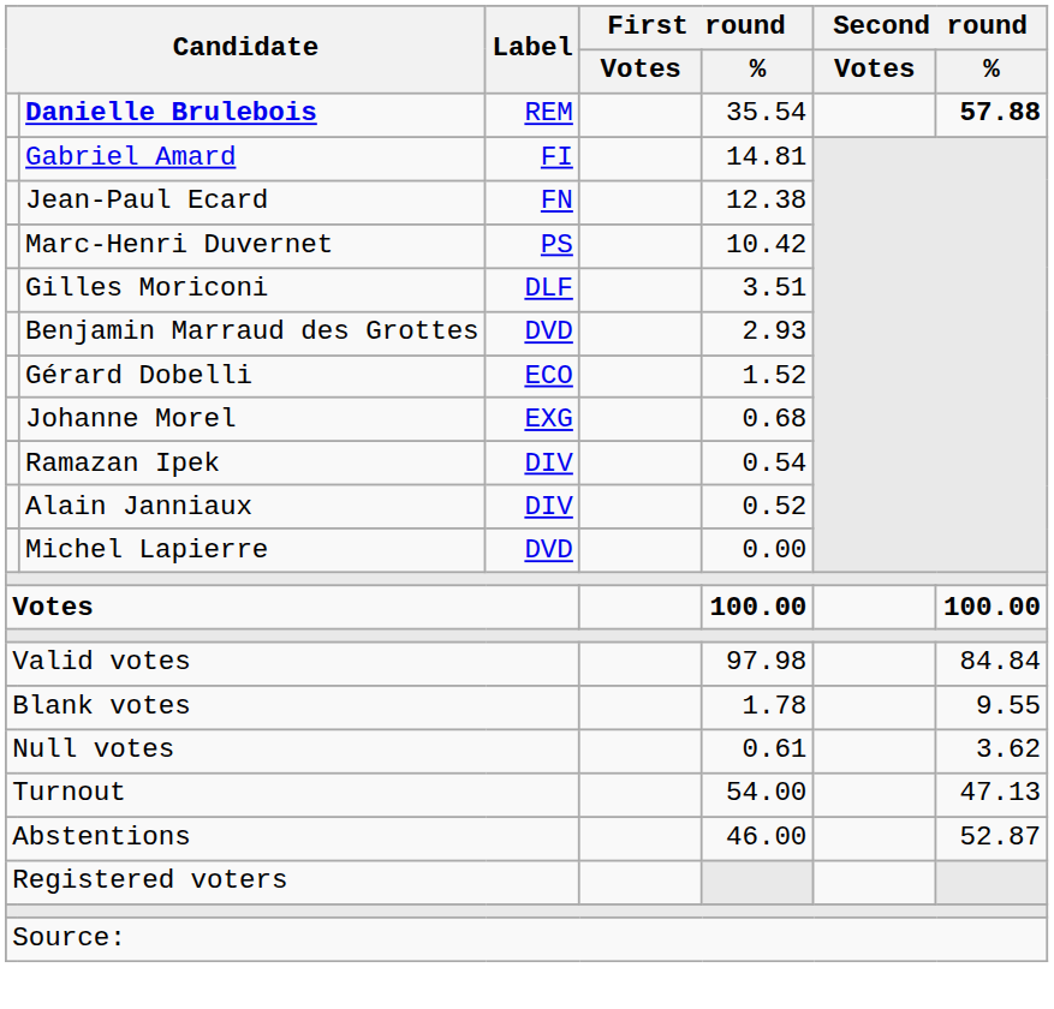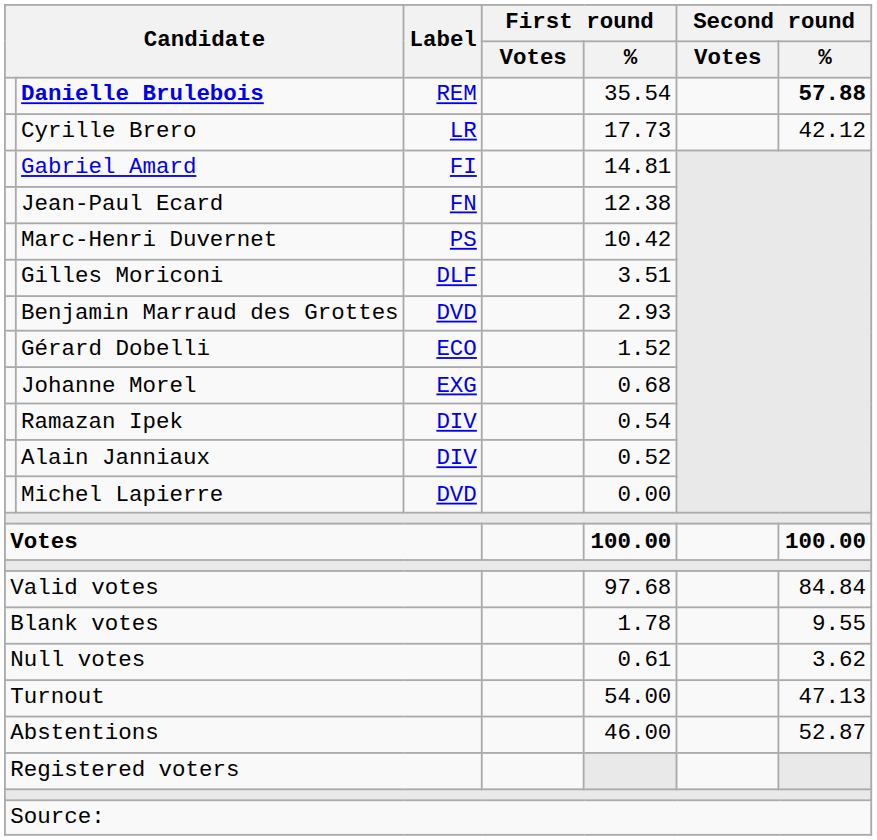 <table class="wikitable" style="text-align:right;font-size:95%;">
 <tr>
 <th rowspan="2" colspan="2">Candidate</th>
 <th rowspan="2">Label</th>
 <th colspan="2">First round</th>
 <th colspan="2">Second round</th>
 </tr>
 <tr>
 <th style="width:50px;">Votes</th>
 <th style="width:45px;">%</th>
 <th style="width:50px;">Votes</th>
 <th style="width:45px;">%</th>
 </tr>
 <tr>
 <td style="color:inherit;background:"></td>
 <td style="text-align:left;"><strong><a href='#'>Danielle Brulebois</a></strong></td>
 <td><a href='#'>REM</a></td>
 <td></td>
 <td>35.54</td>
 <td><strong></strong></td>
 <td><strong>57.88</strong></td>
+</tr>
+<tr>
+<td style="color:inherit;background:"></td>
+<td style="text-align:left;">Cyrille Brero</td>
+<td><a href='#'>LR</a></td>
+<td></td>
+<td>17.73</td>
+<td></td>
+<td>42.12</td>
 </tr>
 <tr>
 <td style="color:inherit;background:"></td>
 <td style="text-align:left;"><a href='#'>Gabriel Amard</a></td>
 <td><a href='#'>FI</a></td>
 <td></td>
 <td>14.81</td>
 <td colspan="2" rowspan="10" style="background:#E9E9E9;"></td>
 </tr>
 <tr>
 <td style="color:inherit;background:"></td>
 <td style="text-align:left;">Jean-Paul Ecard</td>
 <td><a href='#'>FN</a></td>
 <td></td>
 <td>12.38</td>
 </tr>
 <tr>
 <td style="color:inherit;background:"></td>
 <td style="text-align:left;">Marc-Henri Duvernet</td>
 <td><a href='#'>PS</a></td>
 <td></td>
 <td>10.42</td>
 </tr>
 <tr>
 <td style="color:inherit;background:"></td>
 <td style="text-align:left;">Gilles Moriconi</td>
 <td><a href='#'>DLF</a></td>
 <td></td>
 <td>3.51</td>
 </tr>
 <tr>
 <td style="color:inherit;background:"></td>
 <td style="text-align:left;">Benjamin Marraud des Grottes</td>
 <td><a href='#'>DVD</a></td>
 <td></td>
 <td>2.93</td>
 </tr>
 <tr>
 <td style="color:inherit;background:"></td>
 <td style="text-align:left;">Gérard Dobelli</td>
 <td><a href='#'>ECO</a></td>
 <td></td>
 <td>1.52</td>
 </tr>
 <tr>
 <td style="color:inherit;background:"></td>
 <td style="text-align:left;">Johanne Morel</td>
 <td><a href='#'>EXG</a></td>
 <td></td>
 <td>0.68</td>
 </tr>
 <tr>
 <td style="color:inherit;background:"></td>
 <td style="text-align:left;">Ramazan Ipek</td>
 <td><a href='#'>DIV</a></td>
 <td></td>
 <td>0.54</td>
 </tr>
 <tr>
 <td style="color:inherit;background:"></td>
 <td style="text-align:left;">Alain Janniaux</td>
 <td><a href='#'>DIV</a></td>
 <td></td>
 <td>0.52</td>
 </tr>
 <tr>
 <td style="color:inherit;background:"></td>
 <td style="text-align:left;">Michel Lapierre</td>
 <td><a href='#'>DVD</a></td>
 <td></td>
 <td>0.00</td>
 </tr>
 <tr>
 <td colspan="7" style="background:#E9E9E9;"></td>
 </tr>
 <tr style="font-weight:bold;">
 <td colspan="3" style="text-align:left;">Votes</td>
 <td></td>
 <td>100.00</td>
 <td></td>
 <td>100.00</td>
 </tr>
 <tr>
 <td colspan="7" style="background:#E9E9E9;"></td>
 </tr>
 <tr>
 <td colspan="3" style="text-align:left;">Valid votes</td>
 <td></td>
-<td>97.98</td>
+<td>97.68</td>
 <td></td>
 <td>84.84</td>
 </tr>
 <tr>
 <td colspan="3" style="text-align:left;">Blank votes</td>
 <td></td>
 <td>1.78</td>
 <td></td>
 <td>9.55</td>
 </tr>
 <tr>
 <td colspan="3" style="text-align:left;">Null votes</td>
 <td></td>
 <td>0.61</td>
 <td></td>
 <td>3.62</td>
 </tr>
 <tr>
 <td colspan="3" style="text-align:left;">Turnout</td>
 <td></td>
 <td>54.00</td>
 <td></td>
 <td>47.13</td>
 </tr>
 <tr>
 <td colspan="3" style="text-align:left;">Abstentions</td>
 <td></td>
 <td>46.00</td>
 <td></td>
 <td>52.87</td>
 </tr>
 <tr>
 <td colspan="3" style="text-align:left;">Registered voters</td>
 <td></td>
 <td style="color:inherit;background:#E9E9E9;"></td>
 <td></td>
 <td style="color:inherit;background:#E9E9E9;"></td>
 </tr>
 <tr>
 <td colspan="7" style="background:#E9E9E9;"></td>
 </tr>
 <tr>
 <td colspan="7" style="text-align:left;">Source: </td>
 </tr>
 </table>
